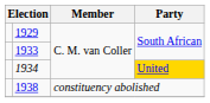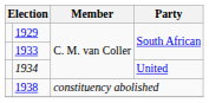 <table class="wikitable">
 <tr>
 <th colspan="2">Election</th>
 <th>Member</th>
 <th>Party</th>
 </tr>
 <tr>
 <td style="background-color: "></td>
 <td><a href='#'>1929</a></td>
 <td rowspan="3">C. M. van Coller</td>
 <td rowspan="2"><a href='#'>South African</a></td>
 </tr>
 <tr>
 <td style="background-color: "></td>
 <td><a href='#'>1933</a></td>
 </tr>
 <tr>
 <td style="background-color: "></td>
 <td><em>1934</em></td>
-<td style="background: gold;"><a href='#'>United</a></td>
+<td><a href='#'>United</a></td>
 </tr>
 <tr>
 <td style="background-color: "></td>
 <td><a href='#'>1938</a></td>
 <td colspan="2"><em>constituency abolished</em></td>
 </tr>
 <tr>
 </tr>
 </table>
